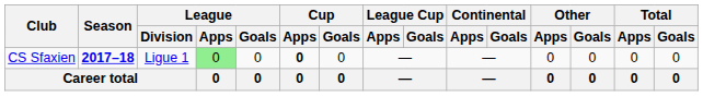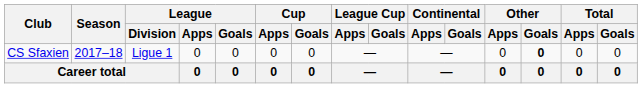 <table class="wikitable" style="text-align:center">
 <tr>
 <th rowspan="2">Club</th>
 <th rowspan="2">Season</th>
 <th colspan="3">League</th>
 <th colspan="2">Cup</th>
 <th colspan="2">League Cup</th>
 <th colspan="2">Continental</th>
 <th colspan="2">Other</th>
 <th colspan="2">Total</th>
 </tr>
 <tr>
 <th>Division</th>
 <th>Apps</th>
 <th>Goals</th>
 <th>Apps</th>
 <th>Goals</th>
 <th>Apps</th>
 <th>Goals</th>
 <th>Apps</th>
 <th>Goals</th>
 <th>Apps</th>
 <th>Goals</th>
 <th>Apps</th>
 <th>Goals</th>
 </tr>
 <tr>
 <td rowspan="1"><a href='#'>CS Sfaxien</a></td>
-<td><strong><a href='#'>2017–18</a></strong></td>
+<td><a href='#'>2017–18</a></td>
 <td rowspan="1"><a href='#'>Ligue 1</a></td>
-<td style="background: lightgreen;">0</td>
 <td>0</td>
-<td><strong>0</strong></td>
+<td>0</td>
+<td>0</td>
 <td>0</td>
 <td colspan="2">—</td>
 <td colspan="2">—</td>
 <td>0</td>
-<td>0</td>
+<td><strong>0</strong></td>
 <td>0</td>
 <td>0</td>
 </tr>
 <tr>
 <th colspan="3">Career total</th>
 <th>0</th>
 <th>0</th>
 <th>0</th>
 <th>0</th>
 <th colspan="2">—</th>
 <th colspan="2">—</th>
 <th>0</th>
 <th>0</th>
 <th>0</th>
 <th>0</th>
 </tr>
 </table>
